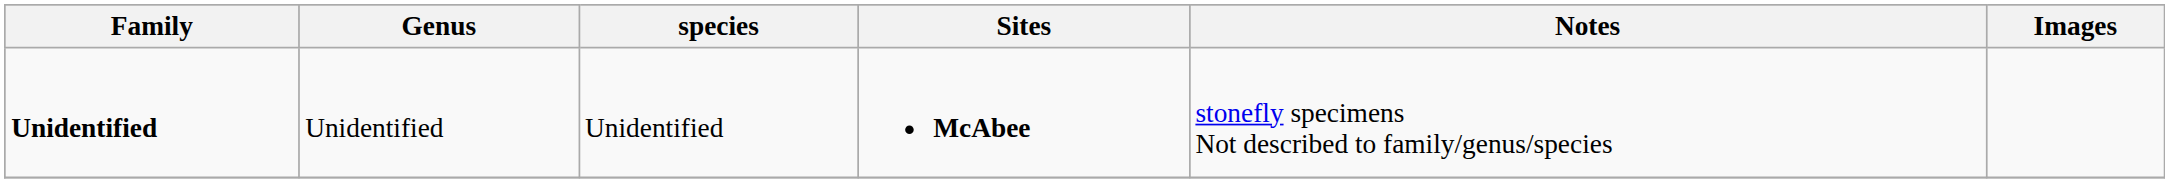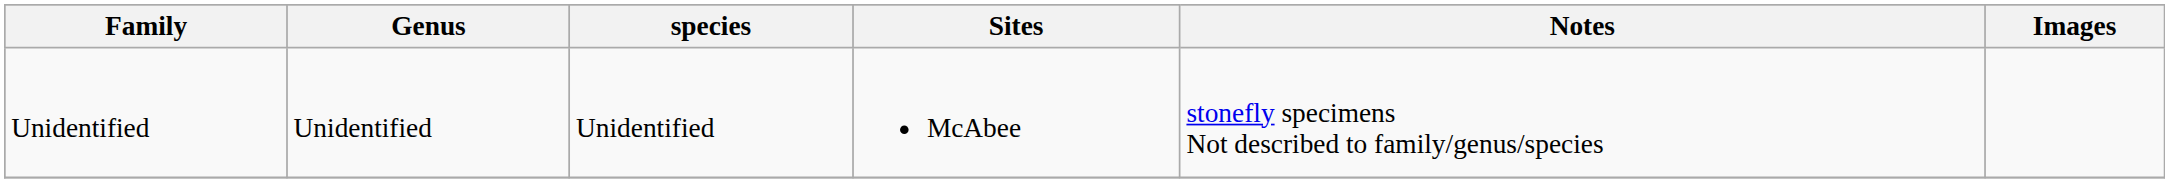 <table class="wikitable sortable"  style="margin:auto; width:100%;">
 <tr>
 <th>Family</th>
 <th>Genus</th>
 <th>species</th>
 <th>Sites</th>
 <th>Notes</th>
 <th>Images</th>
 </tr>
 <tr>
-<td><strong><br>Unidentified</strong></td>
 <td><br>Unidentified</td>
 <td><br>Unidentified</td>
-<td><strong><br><ul><li>McAbee</li></ul></strong></td>
+<td><br>Unidentified</td>
+<td><br><ul><li>McAbee</li></ul></td>
 <td><br><a href='#'>stonefly</a> specimens<br>Not described to family/genus/species</td>
 <td></td>
 </tr>
 <tr>
 </tr>
 </table>
